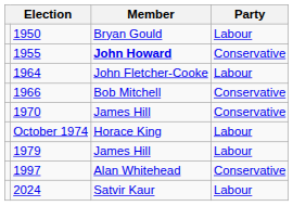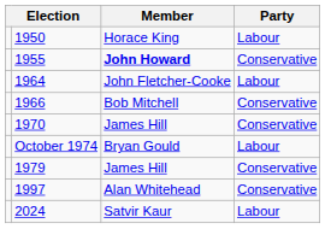 <table class="wikitable">
 <tr>
 <th colspan="2">Election</th>
 <th>Member</th>
 <th>Party</th>
 </tr>
 <tr>
 <td style="color:inherit;background-color: "></td>
 <td><a href='#'>1950</a></td>
-<td><a href='#'>Bryan Gould</a></td>
+<td><a href='#'>Horace King</a></td>
 <td><a href='#'>Labour</a></td>
 </tr>
 <tr>
 <td style="color:inherit;background-color: "></td>
 <td><a href='#'>1955</a></td>
 <td><strong><a href='#'>John Howard</a></strong></td>
 <td><a href='#'>Conservative</a></td>
 </tr>
 <tr>
 <td style="color:inherit;background-color: "></td>
 <td><a href='#'>1964</a></td>
 <td><a href='#'>John Fletcher-Cooke</a></td>
 <td><a href='#'>Labour</a></td>
 </tr>
 <tr>
 <td style="color:inherit;background-color: "></td>
 <td><a href='#'>1966</a></td>
 <td><a href='#'>Bob Mitchell</a></td>
 <td><a href='#'>Conservative</a></td>
 </tr>
 <tr>
 <td style="color:inherit;background-color: "></td>
 <td><a href='#'>1970</a></td>
 <td><a href='#'>James Hill</a></td>
 <td><a href='#'>Conservative</a></td>
 </tr>
 <tr>
 <td style="color:inherit;background-color: "></td>
 <td><a href='#'>October 1974</a></td>
-<td><a href='#'>Horace King</a></td>
+<td><a href='#'>Bryan Gould</a></td>
 <td><a href='#'>Labour</a></td>
 </tr>
 <tr>
 <td style="color:inherit;background-color: "></td>
 <td><a href='#'>1979</a></td>
 <td><a href='#'>James Hill</a></td>
-<td><a href='#'>Labour</a></td>
+<td><a href='#'>Conservative</a></td>
 </tr>
 <tr>
 <td style="color:inherit;background-color: "></td>
 <td><a href='#'>1997</a></td>
 <td><a href='#'>Alan Whitehead</a></td>
 <td><a href='#'>Conservative</a></td>
 </tr>
 <tr>
 <td style="color:inherit;background-color: "></td>
 <td><a href='#'>2024</a></td>
 <td><a href='#'>Satvir Kaur</a></td>
 <td><a href='#'>Labour</a></td>
 </tr>
 </table>
